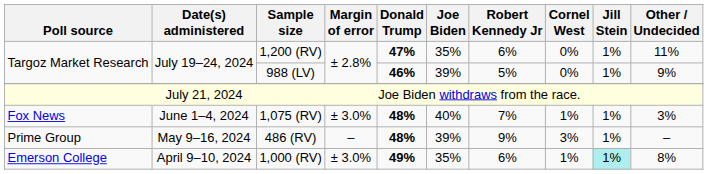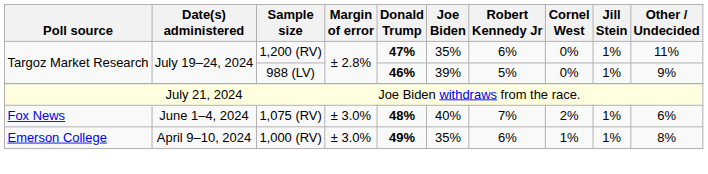 <table class="wikitable sortable mw-datatable" style="font-size:90%;text-align:center;line-height:17px">
 <tr valign=bottom>
 <th>Poll source</th>
 <th>Date(s)<br>administered</th>
 <th>Sample<br>size</th>
 <th>Margin<br>of error</th>
 <th class="unsortable">Donald<br>Trump<br></th>
 <th class="unsortable">Joe<br>Biden<br></th>
 <th class="unsortable">Robert<br>Kennedy Jr<br></th>
 <th class="unsortable">Cornel<br>West<br></th>
 <th class="unsortable">Jill<br>Stein<br></th>
 <th class="unsortable">Other /<br>Undecided</th>
 </tr>
 <tr>
 <td rowspan=2; style="text-align:left;">Targoz Market Research</td>
 <td rowspan=2;>July 19–24, 2024</td>
 <td>1,200 (RV)</td>
 <td rowspan=2;>± 2.8%</td>
 <td><strong>47%</strong></td>
 <td>35%</td>
 <td>6%</td>
 <td>0%</td>
 <td>1%</td>
 <td>11%</td>
 </tr>
 <tr>
 <td>988 (LV)</td>
 <td><strong>46%</strong></td>
 <td>39%</td>
 <td>5%</td>
 <td>0%</td>
 <td>1%</td>
 <td>9%</td>
 </tr>
 <tr>
 </tr>
 <tr style="background:lightyellow;">
 <td style="border-right-style:hidden;"></td>
 <td style="border-right-style:hidden; " data-sort-value="2024-07-21">July 21, 2024</td>
 <td colspan="8">Joe Biden <a href='#'>withdraws</a> from the race.</td>
 </tr>
 <tr>
 <td style="text-align:left;"><a href='#'>Fox News</a></td>
 <td data-sort-value="2024-06-06">June 1–4, 2024</td>
 <td>1,075 (RV)</td>
 <td>± 3.0%</td>
 <td style="background-color:"><strong>48%</strong></td>
 <td>40%</td>
 <td>7%</td>
+<td>2%</td>
 <td>1%</td>
-<td>1%</td>
-<td>3%</td>
-</tr>
-<tr>
-<td style="text-align:left;">Prime Group</td>
-<td data-sort-value="2024-05-22">May 9–16, 2024</td>
-<td>486 (RV)</td>
-<td>–</td>
-<td style="background-color:"><strong>48%</strong></td>
-<td>39%</td>
-<td>9%</td>
-<td>3%</td>
-<td>1%</td>
-<td>–</td>
+<td>6%</td>
 </tr>
 <tr>
 <td style="text-align:left;"><a href='#'>Emerson College</a></td>
 <td data-sort-value="2024-04-11">April 9–10, 2024</td>
 <td>1,000 (RV)</td>
 <td>± 3.0%</td>
 <td style="background-color:"><strong>49%</strong></td>
 <td>35%</td>
 <td>6%</td>
 <td>1%</td>
-<td style="background: paleturquoise;">1%</td>
+<td>1%</td>
 <td>8%</td>
 </tr>
 </table>
